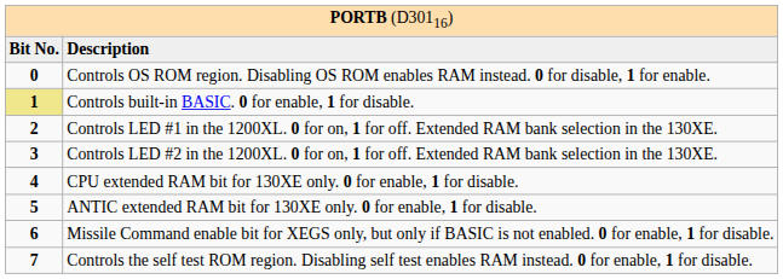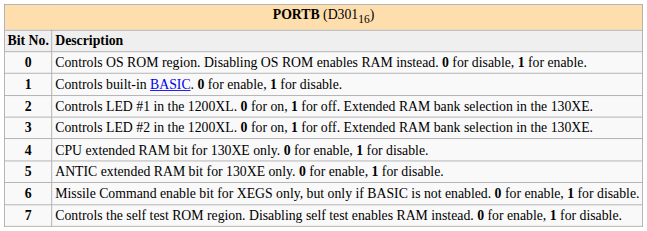 <table class="wikitable">
 <tr bgcolor="#ffdead">
 <td align="center" colspan="4"><strong>PORTB</strong> (D301<sub>16</sub>)</td>
 </tr>
 <tr bgcolor="#efefef">
 <td align="center"><strong>Bit No.</strong></td>
 <td><strong>Description</strong></td>
 </tr>
 <tr>
 <td align="center"><strong>0</strong></td>
 <td>Controls OS ROM region. Disabling OS ROM enables RAM instead. <strong>0</strong> for disable, <strong>1</strong> for enable.</td>
 </tr>
 <tr>
-<td align="center" style="background: khaki;"><strong>1</strong></td>
+<td align="center"><strong>1</strong></td>
 <td>Controls built-in <a href='#'>BASIC</a>. <strong>0</strong> for enable, <strong>1</strong> for disable.</td>
 </tr>
 <tr>
 <td align="center"><strong>2</strong></td>
 <td>Controls LED #1 in the 1200XL. <strong>0</strong> for on, <strong>1</strong> for off. Extended RAM bank selection in the 130XE.</td>
 </tr>
 <tr>
 <td align="center"><strong>3</strong></td>
 <td>Controls LED #2 in the 1200XL. <strong>0</strong> for on, <strong>1</strong> for off. Extended RAM bank selection in the 130XE.</td>
 </tr>
 <tr>
 <td align="center"><strong>4</strong></td>
 <td>CPU extended RAM bit for 130XE only. <strong>0</strong> for enable, <strong>1</strong> for disable.</td>
 </tr>
 <tr>
 <td align="center"><strong>5</strong></td>
 <td>ANTIC extended RAM bit for 130XE only. <strong>0</strong> for enable, <strong>1</strong> for disable.</td>
 </tr>
 <tr>
 <td align="center"><strong>6</strong></td>
 <td>Missile Command enable bit for XEGS only, but only if BASIC is not enabled. <strong>0</strong> for enable, <strong>1</strong> for disable.</td>
 </tr>
 <tr>
 <td align="center"><strong>7</strong></td>
 <td>Controls the self test ROM region. Disabling self test enables RAM instead. <strong>0</strong> for enable, <strong>1</strong> for disable.</td>
 </tr>
 </table>
